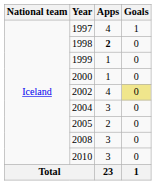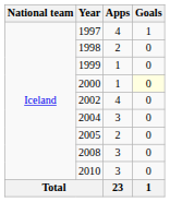 <table class="wikitable" style="text-align:center">
 <tr>
 <th>National team</th>
 <th>Year</th>
 <th>Apps</th>
 <th>Goals</th>
 </tr>
 <tr>
 <td rowspan="9"><a href='#'>Iceland</a></td>
 <td>1997</td>
 <td>4</td>
 <td>1</td>
 </tr>
 <tr>
 <td>1998</td>
-<td><strong>2</strong></td>
+<td>2</td>
 <td>0</td>
 </tr>
 <tr>
 <td>1999</td>
 <td>1</td>
 <td>0</td>
 </tr>
 <tr>
 <td>2000</td>
 <td>1</td>
-<td>0</td>
+<td style="background: lightyellow;">0</td>
 </tr>
 <tr>
 <td>2002</td>
 <td>4</td>
-<td style="background: khaki;">0</td>
+<td>0</td>
 </tr>
 <tr>
 <td>2004</td>
 <td>3</td>
 <td>0</td>
 </tr>
 <tr>
 <td>2005</td>
 <td>2</td>
 <td>0</td>
 </tr>
 <tr>
 <td>2008</td>
 <td>3</td>
 <td>0</td>
 </tr>
 <tr>
 <td>2010</td>
 <td>3</td>
 <td>0</td>
 </tr>
 <tr>
 <th colspan="2">Total</th>
 <th>23</th>
 <th>1</th>
 </tr>
 </table>
